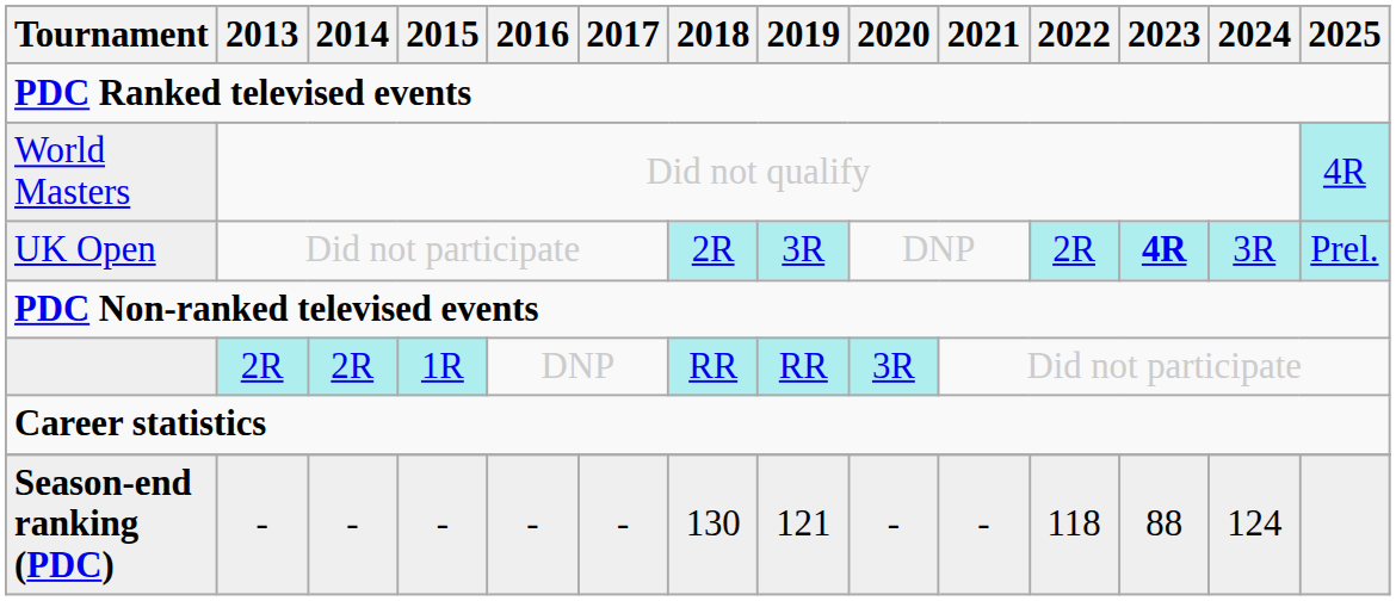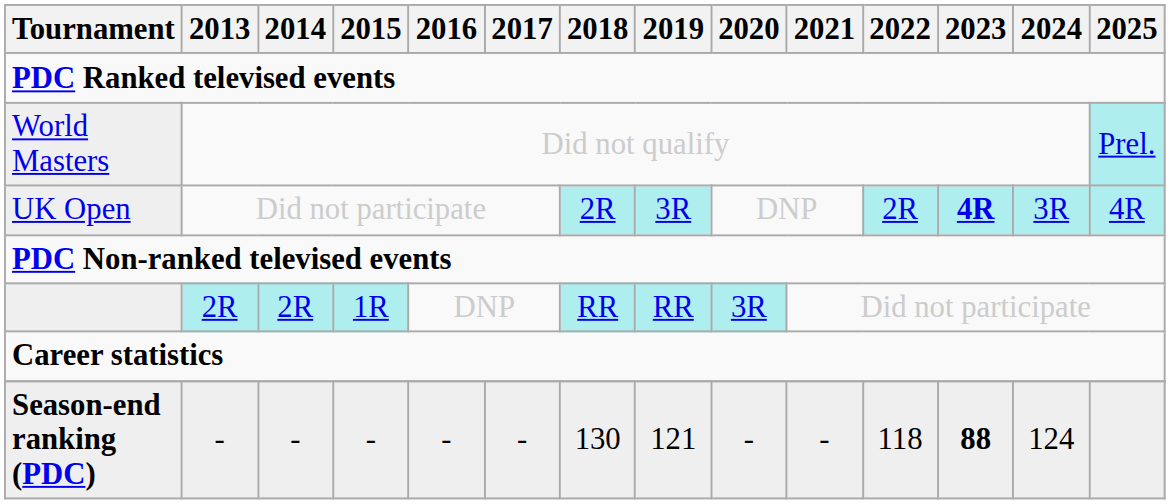 <table class="wikitable" style="width:30%; margin:0">
 <tr>
 <th>Tournament</th>
 <th>2013</th>
 <th>2014</th>
 <th>2015</th>
 <th>2016</th>
 <th>2017</th>
 <th>2018</th>
 <th>2019</th>
 <th>2020</th>
 <th>2021</th>
 <th>2022</th>
 <th>2023</th>
 <th>2024</th>
 <th>2025</th>
 </tr>
 <tr>
 <td colspan="31" align="left"><strong><a href='#'>PDC</a> Ranked televised events</strong></td>
 </tr>
 <tr>
 <td style="background:#efefef;"><a href='#'>World Masters</a></td>
 <td colspan="12" style="text-align:center; color:#ccc;">Did not qualify</td>
-<td style="text-align:center; background:#afeeee;"><a href='#'>4R</a></td>
+<td style="text-align:center; background:#afeeee;"><a href='#'>Prel.</a></td>
 </tr>
 <tr>
 <td style="background:#efefef;"><a href='#'>UK Open</a></td>
 <td colspan="5" style="text-align:center; color:#ccc;">Did not participate</td>
 <td style="text-align:center; background:#afeeee;"><a href='#'>2R</a></td>
 <td style="text-align:center; background:#afeeee;"><a href='#'>3R</a></td>
 <td colspan="2" style="text-align:center; color:#ccc;">DNP</td>
 <td style="text-align:center; background:#afeeee;"><a href='#'>2R</a></td>
 <td style="text-align:center; background:#afeeee;"><strong><a href='#'>4R</a></strong></td>
 <td style="text-align:center; background:#afeeee;"><a href='#'>3R</a></td>
-<td style="text-align:center; background:#afeeee;"><a href='#'>Prel.</a></td>
+<td style="text-align:center; background:#afeeee;"><a href='#'>4R</a></td>
 </tr>
 <tr>
 <td colspan="15" align="left"><strong><a href='#'>PDC</a> Non-ranked televised events</strong></td>
 </tr>
 <tr>
 <td style="background:#efefef;"></td>
 <td style="text-align:center; background:#afeeee;"><a href='#'>2R</a></td>
 <td style="text-align:center; background:#afeeee;"><a href='#'>2R</a></td>
 <td style="text-align:center; background:#afeeee;"><a href='#'>1R</a></td>
 <td colspan="2" style="text-align:center; color:#ccc;">DNP</td>
 <td style="text-align:center; background:#afeeee;"><a href='#'>RR</a></td>
 <td style="text-align:center; background:#afeeee;"><a href='#'>RR</a></td>
 <td style="text-align:center; background:#afeeee;"><a href='#'>3R</a></td>
 <td colspan="5" style="text-align:center; color:#ccc;">Did not participate</td>
 </tr>
 <tr>
 <td colspan="22" align="left"><strong>Career statistics</strong></td>
 </tr>
 <tr>
 </tr>
 <tr bgcolor="efefef">
 <td align="left"><strong>Season-end ranking (<a href='#'>PDC</a>)</strong></td>
 <td style="text-align:center;">-</td>
 <td style="text-align:center;">-</td>
 <td style="text-align:center;">-</td>
 <td style="text-align:center;">-</td>
 <td style="text-align:center;">-</td>
 <td style="text-align:center;">130</td>
 <td style="text-align:center;">121</td>
 <td style="text-align:center;">-</td>
 <td style="text-align:center;">-</td>
 <td style="text-align:center;">118</td>
-<td style="text-align:center;">88</td>
+<td style="text-align:center;"><strong>88</strong></td>
 <td style="text-align:center;">124</td>
 <td></td>
 </tr>
 </table>
